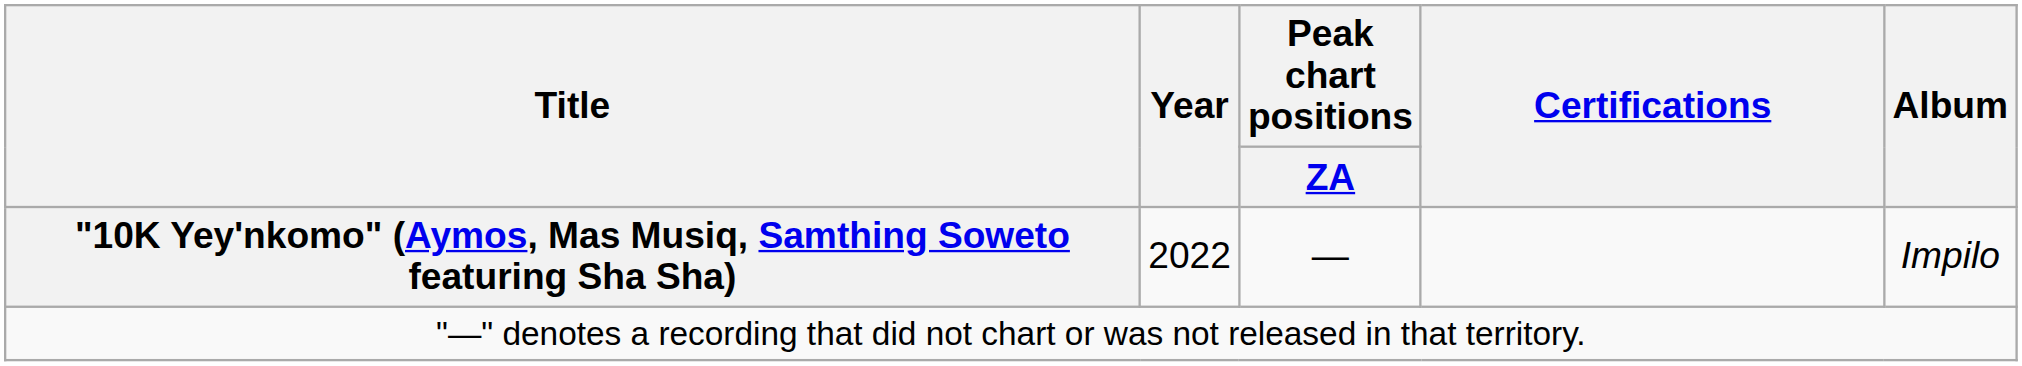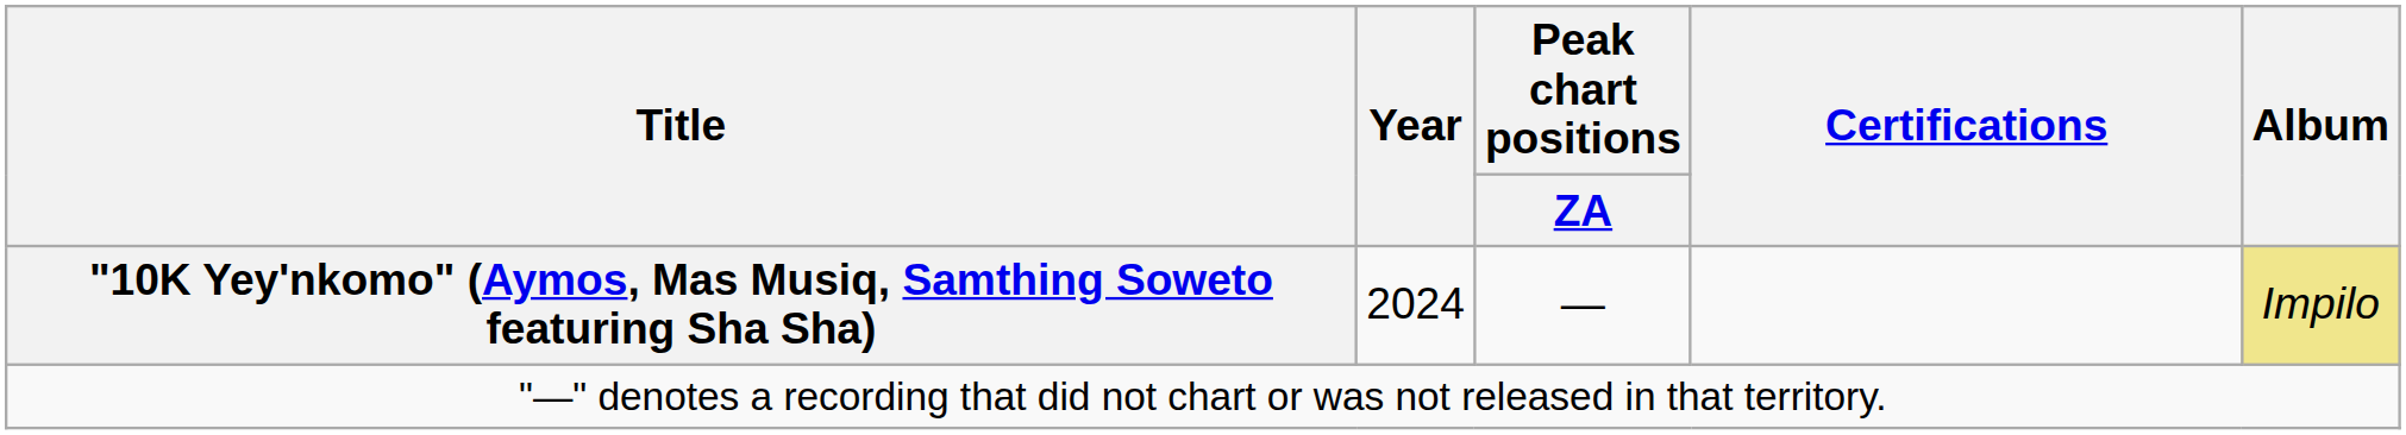 <table class="wikitable plainrowheaders" style="text-align:center;">
 <tr>
 <th scope="col" rowspan="2">Title</th>
 <th scope="col" rowspan="2">Year</th>
 <th scope="col" colspan="1">Peak chart positions</th>
 <th scope="col" rowspan="2" style="width:12em;"><a href='#'>Certifications</a></th>
 <th scope="col" rowspan="2">Album</th>
 </tr>
 <tr>
 <th scope="col" style="width:3em;font-size:100%;"><a href='#'>ZA</a><br></th>
 </tr>
 <tr>
 <th scope="row">"10K Yey'nkomo" (<a href='#'>Aymos</a>, Mas Musiq, <a href='#'>Samthing Soweto</a> featuring Sha Sha)</th>
-<td>2022</td>
+<td>2024</td>
 <td>—</td>
 <td></td>
-<td><em>Impilo</em></td>
+<td style="background: khaki;"><em>Impilo</em></td>
 </tr>
 <tr>
 <td colspan="8" style="font-size:90%">"—" denotes a recording that did not chart or was not released in that territory.</td>
 </tr>
 </table>
